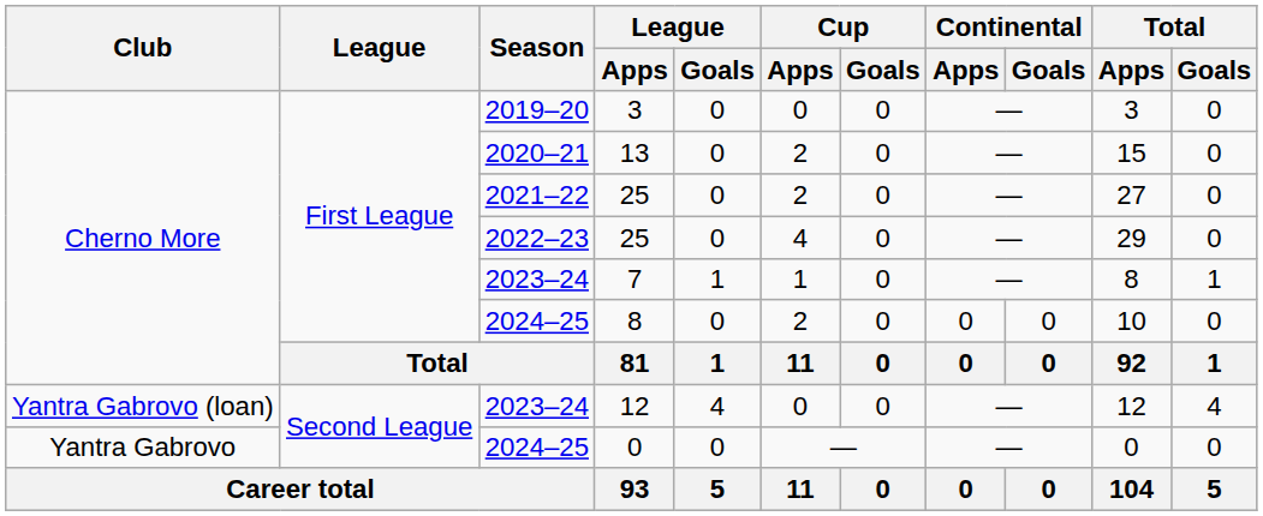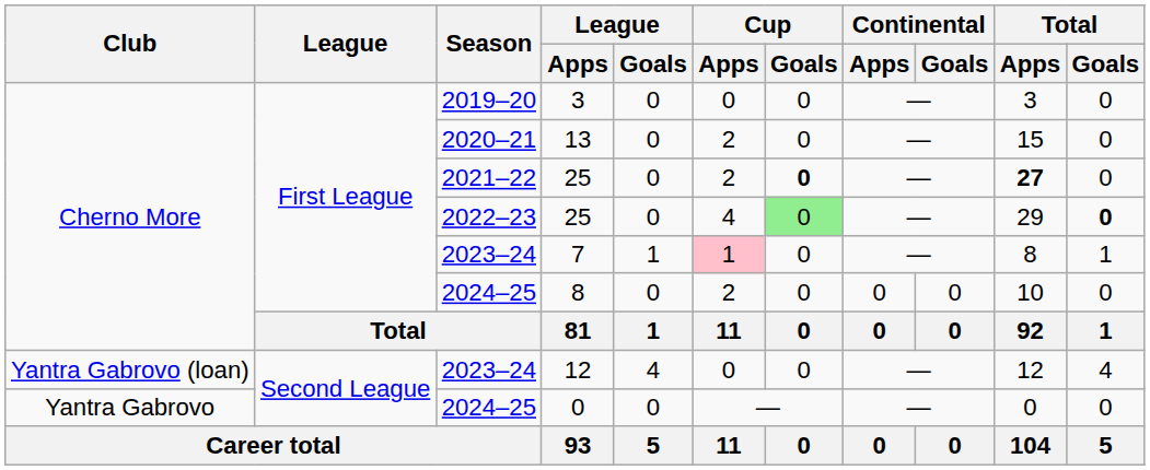 <table class="wikitable" style="font-size:90%; text-align: center">
 <tr>
 <th rowspan=2>Club</th>
 <th rowspan=2>League</th>
 <th rowspan=2>Season</th>
 <th colspan=2>League</th>
 <th colspan=2>Cup</th>
 <th colspan=2>Continental</th>
 <th colspan=2>Total</th>
 </tr>
 <tr>
 <th>Apps</th>
 <th>Goals</th>
 <th>Apps</th>
 <th>Goals</th>
 <th>Apps</th>
 <th>Goals</th>
 <th>Apps</th>
 <th>Goals</th>
 </tr>
 <tr>
 <td rowspan=7 valign="center"><a href='#'>Cherno More</a></td>
 <td rowspan="6"><a href='#'>First League</a></td>
 <td><a href='#'>2019–20</a></td>
 <td>3</td>
 <td>0</td>
 <td>0</td>
 <td>0</td>
 <td colspan="2">—</td>
 <td>3</td>
 <td>0</td>
 </tr>
 <tr>
 <td><a href='#'>2020–21</a></td>
 <td>13</td>
 <td>0</td>
 <td>2</td>
 <td>0</td>
 <td colspan="2">—</td>
 <td>15</td>
 <td>0</td>
 </tr>
 <tr>
 <td><a href='#'>2021–22</a></td>
 <td>25</td>
 <td>0</td>
 <td>2</td>
-<td>0</td>
+<td><strong>0</strong></td>
 <td colspan="2">—</td>
-<td>27</td>
+<td><strong>27</strong></td>
 <td>0</td>
 </tr>
 <tr>
 <td><a href='#'>2022–23</a></td>
 <td>25</td>
 <td>0</td>
 <td>4</td>
-<td>0</td>
+<td style="background: lightgreen;">0</td>
 <td colspan="2">—</td>
 <td>29</td>
-<td>0</td>
+<td><strong>0</strong></td>
 </tr>
 <tr>
 <td><a href='#'>2023–24</a></td>
 <td>7</td>
 <td>1</td>
-<td>1</td>
+<td style="background: pink;">1</td>
 <td>0</td>
 <td colspan="2">—</td>
 <td>8</td>
 <td>1</td>
 </tr>
 <tr>
 <td><a href='#'>2024–25</a></td>
 <td>8</td>
 <td>0</td>
 <td>2</td>
 <td>0</td>
 <td>0</td>
 <td>0</td>
 <td>10</td>
 <td>0</td>
 </tr>
 <tr>
 <th colspan=2>Total</th>
 <th>81</th>
 <th>1</th>
 <th>11</th>
 <th>0</th>
 <th>0</th>
 <th>0</th>
 <th>92</th>
 <th>1</th>
 </tr>
 <tr>
 <td valign="center"><a href='#'>Yantra Gabrovo</a> (loan)</td>
 <td rowspan=2><a href='#'>Second League</a></td>
 <td><a href='#'>2023–24</a></td>
 <td>12</td>
 <td>4</td>
 <td>0</td>
 <td>0</td>
 <td colspan="2">—</td>
 <td>12</td>
 <td>4</td>
 </tr>
 <tr>
 <td valign="center">Yantra Gabrovo</td>
 <td><a href='#'>2024–25</a></td>
 <td>0</td>
 <td>0</td>
 <td colspan="2">—</td>
 <td colspan="2">—</td>
 <td>0</td>
 <td>0</td>
 </tr>
 <tr>
 <th colspan=3>Career total</th>
 <th>93</th>
 <th>5</th>
 <th>11</th>
 <th>0</th>
 <th>0</th>
 <th>0</th>
 <th>104</th>
 <th>5</th>
 </tr>
 </table>
